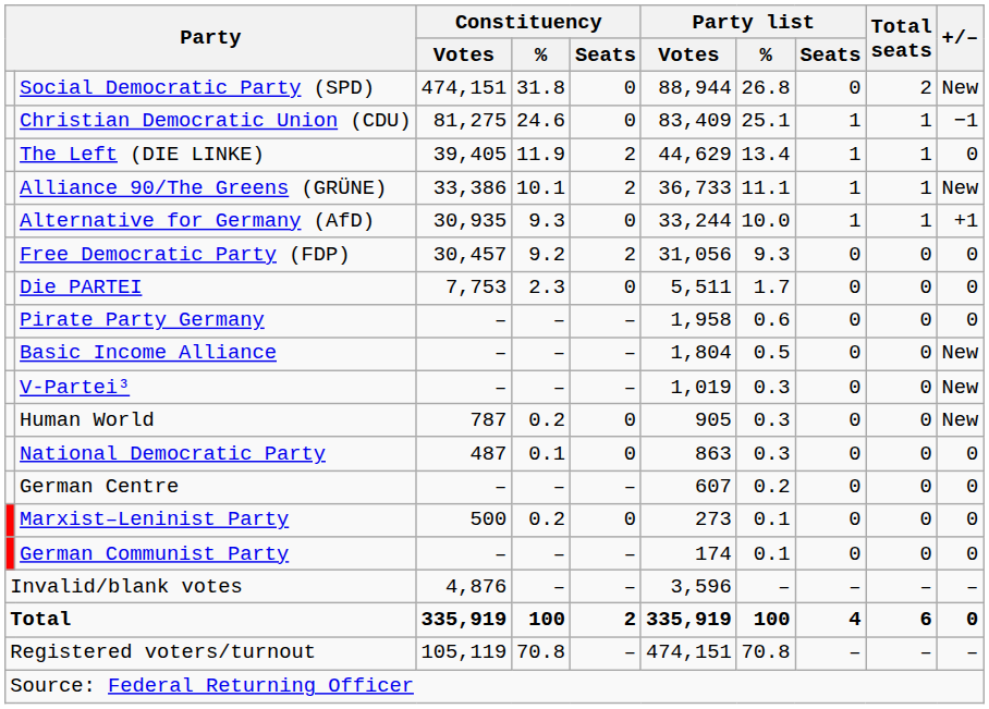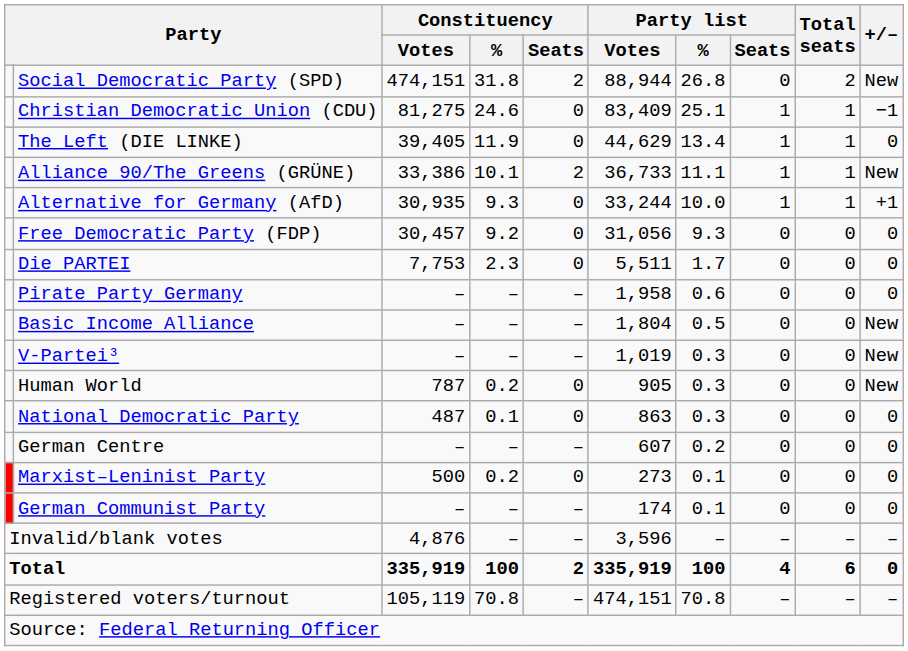 <table class="wikitable" style="text-align:right">
 <tr>
 <th colspan="2" rowspan="2">Party</th>
 <th colspan="3">Constituency</th>
 <th colspan="3">Party list</th>
 <th rowspan="2">Total<br>seats</th>
 <th rowspan="2">+/–</th>
 </tr>
 <tr>
 <th>Votes</th>
 <th>%</th>
 <th>Seats</th>
 <th>Votes</th>
 <th>%</th>
 <th>Seats</th>
 </tr>
 <tr>
 <td></td>
 <td align="left"><a href='#'>Social Democratic Party</a> (SPD)</td>
 <td>474,151</td>
 <td>31.8</td>
-<td>0</td>
+<td>2</td>
 <td>88,944</td>
 <td>26.8</td>
 <td>0</td>
 <td>2</td>
 <td>New</td>
 </tr>
 <tr>
 <td></td>
 <td align="left"><a href='#'>Christian Democratic Union</a> (CDU)</td>
 <td>81,275</td>
 <td>24.6</td>
 <td>0</td>
 <td>83,409</td>
 <td>25.1</td>
 <td>1</td>
 <td>1</td>
 <td>−1</td>
 </tr>
 <tr>
 <td></td>
 <td align="left"><a href='#'>The Left</a> (DIE LINKE)</td>
 <td>39,405</td>
 <td>11.9</td>
-<td>2</td>
+<td>0</td>
 <td>44,629</td>
 <td>13.4</td>
 <td>1</td>
 <td>1</td>
 <td>0</td>
 </tr>
 <tr>
 <td></td>
 <td align="left"><a href='#'>Alliance 90/The Greens</a> (GRÜNE)</td>
 <td>33,386</td>
 <td>10.1</td>
 <td>2</td>
 <td>36,733</td>
 <td>11.1</td>
 <td>1</td>
 <td>1</td>
 <td>New</td>
 </tr>
 <tr>
 <td></td>
 <td align="left"><a href='#'>Alternative for Germany</a> (AfD)</td>
 <td>30,935</td>
 <td>9.3</td>
 <td>0</td>
 <td>33,244</td>
 <td>10.0</td>
 <td>1</td>
 <td>1</td>
 <td>+1</td>
 </tr>
 <tr>
 <td></td>
 <td align="left"><a href='#'>Free Democratic Party</a> (FDP)</td>
 <td>30,457</td>
 <td>9.2</td>
-<td>2</td>
+<td>0</td>
 <td>31,056</td>
 <td>9.3</td>
 <td>0</td>
 <td>0</td>
 <td>0</td>
 </tr>
 <tr>
 <td style="background-color:"></td>
 <td align="left"><a href='#'>Die PARTEI</a></td>
 <td>7,753</td>
 <td>2.3</td>
 <td>0</td>
 <td>5,511</td>
 <td>1.7</td>
 <td>0</td>
 <td>0</td>
 <td>0</td>
 </tr>
 <tr>
 <td style="background-color:"></td>
 <td align="left"><a href='#'>Pirate Party Germany</a></td>
 <td>–</td>
 <td>–</td>
 <td>–</td>
 <td>1,958</td>
 <td>0.6</td>
 <td>0</td>
 <td>0</td>
 <td>0</td>
 </tr>
 <tr>
 <td style="background-color:"></td>
 <td align="left"><a href='#'>Basic Income Alliance</a></td>
 <td>–</td>
 <td>–</td>
 <td>–</td>
 <td>1,804</td>
 <td>0.5</td>
 <td>0</td>
 <td>0</td>
 <td>New</td>
 </tr>
 <tr>
 <td style="background-color:"></td>
 <td align="left"><a href='#'>V-Partei³</a></td>
 <td>–</td>
 <td>–</td>
 <td>–</td>
 <td>1,019</td>
 <td>0.3</td>
 <td>0</td>
 <td>0</td>
 <td>New</td>
 </tr>
 <tr>
 <td></td>
 <td align="left">Human World</td>
 <td>787</td>
 <td>0.2</td>
 <td>0</td>
 <td>905</td>
 <td>0.3</td>
 <td>0</td>
 <td>0</td>
 <td>New</td>
 </tr>
 <tr>
 <td style="background-color:"></td>
 <td align="left"><a href='#'>National Democratic Party</a></td>
 <td>487</td>
 <td>0.1</td>
 <td>0</td>
 <td>863</td>
 <td>0.3</td>
 <td>0</td>
 <td>0</td>
 <td>0</td>
 </tr>
 <tr>
 <td></td>
 <td align="left">German Centre</td>
 <td>–</td>
 <td>–</td>
 <td>–</td>
 <td>607</td>
 <td>0.2</td>
 <td>0</td>
 <td>0</td>
 <td>0</td>
 </tr>
 <tr>
 <td style="background-color:red"></td>
 <td align="left"><a href='#'>Marxist–Leninist Party</a></td>
 <td>500</td>
 <td>0.2</td>
 <td>0</td>
 <td>273</td>
 <td>0.1</td>
 <td>0</td>
 <td>0</td>
 <td>0</td>
 </tr>
 <tr>
 <td style="background-color:red"></td>
 <td align="left"><a href='#'>German Communist Party</a></td>
 <td>–</td>
 <td>–</td>
 <td>–</td>
 <td>174</td>
 <td>0.1</td>
 <td>0</td>
 <td>0</td>
 <td>0</td>
 </tr>
 <tr>
 <td colspan="2" align="left">Invalid/blank votes</td>
 <td>4,876</td>
 <td>–</td>
 <td>–</td>
 <td>3,596</td>
 <td>–</td>
 <td>–</td>
 <td>–</td>
 <td>–</td>
 </tr>
 <tr>
 <td colspan="2" align="left"><strong>Total</strong></td>
 <td><strong>335,919</strong></td>
 <td><strong>100</strong></td>
 <td><strong>2</strong></td>
 <td><strong>335,919</strong></td>
 <td><strong>100</strong></td>
 <td><strong>4</strong></td>
 <td><strong>6</strong></td>
 <td><strong>0</strong></td>
 </tr>
 <tr>
 <td colspan="2" align="left">Registered voters/turnout</td>
 <td>105,119</td>
 <td>70.8</td>
 <td>–</td>
 <td>474,151</td>
 <td>70.8</td>
 <td>–</td>
 <td>–</td>
 <td>–</td>
 </tr>
 <tr>
 <td colspan="10" align="left">Source: <a href='#'>Federal Returning Officer</a></td>
 </tr>
 </table>
